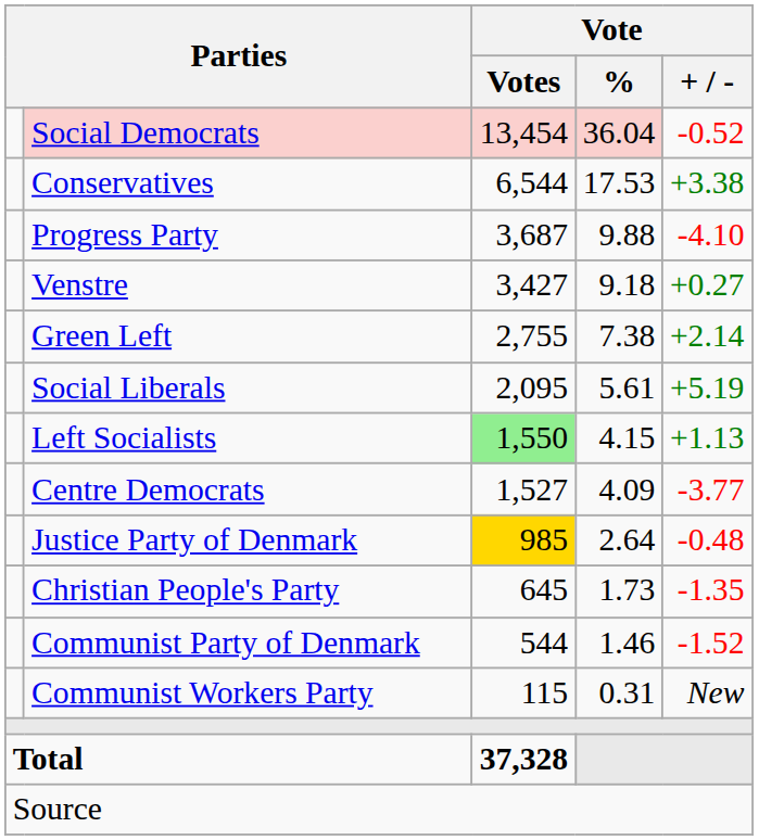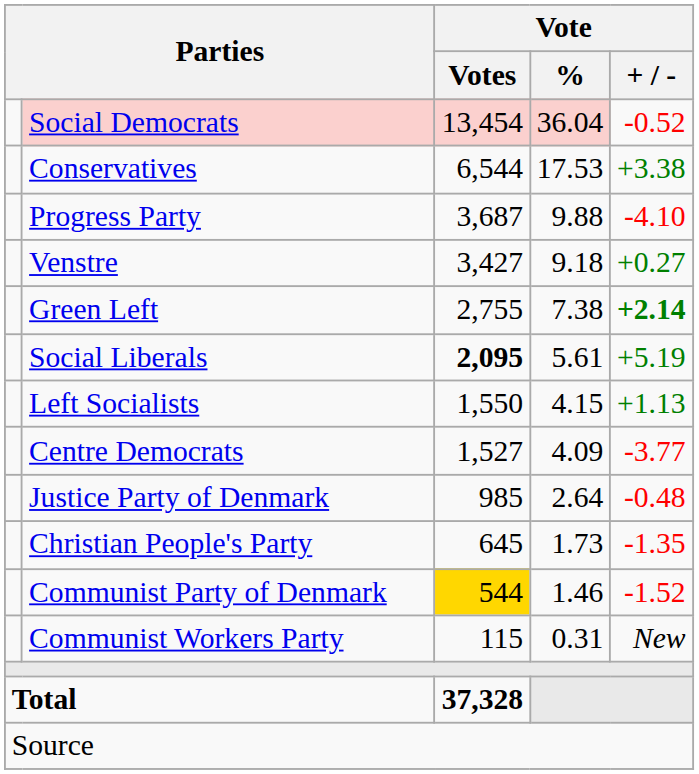 <table class="wikitable" style="text-align:right;">
 <tr>
 <th style="text-align:centre;" rowspan="2" colspan="2" width="225">Parties</th>
 <th colspan="3">Vote</th>
 </tr>
 <tr>
 <th width="15">Votes</th>
 <th width="15">%</th>
 <th width="15">+ / -</th>
 </tr>
 <tr>
 <td width="2" style="color:inherit;background:"></td>
 <td bgcolor=#fbd0ce  align="left"><a href='#'>Social Democrats</a></td>
 <td bgcolor=#fbd0ce>13,454</td>
 <td bgcolor=#fbd0ce>36.04</td>
 <td style=color:red;>-0.52</td>
 </tr>
 <tr>
 <td width="2" style="color:inherit;background:"></td>
 <td align="left"><a href='#'>Conservatives</a></td>
 <td>6,544</td>
 <td>17.53</td>
 <td style=color:green;>+3.38</td>
 </tr>
 <tr>
 <td width="2" style="color:inherit;background:"></td>
 <td align="left"><a href='#'>Progress Party</a></td>
 <td>3,687</td>
 <td>9.88</td>
 <td style=color:red;>-4.10</td>
 </tr>
 <tr>
 <td width="2" style="color:inherit;background:"></td>
 <td align="left"><a href='#'>Venstre</a></td>
 <td>3,427</td>
 <td>9.18</td>
 <td style=color:green;>+0.27</td>
 </tr>
 <tr>
 <td width="2" style="color:inherit;background:"></td>
 <td align="left"><a href='#'>Green Left</a></td>
 <td>2,755</td>
 <td>7.38</td>
-<td style=color:green;>+2.14</td>
+<td style=color:green;><strong>+2.14</strong></td>
 </tr>
 <tr>
 <td width="2" style="color:inherit;background:"></td>
 <td align="left"><a href='#'>Social Liberals</a></td>
-<td>2,095</td>
+<td><strong>2,095</strong></td>
 <td>5.61</td>
 <td style=color:green;>+5.19</td>
 </tr>
 <tr>
 <td width="2" style="color:inherit;background:"></td>
 <td align="left"><a href='#'>Left Socialists</a></td>
-<td style="background: lightgreen;">1,550</td>
+<td>1,550</td>
 <td>4.15</td>
 <td style=color:green;>+1.13</td>
 </tr>
 <tr>
 <td width="2" style="color:inherit;background:"></td>
 <td align="left"><a href='#'>Centre Democrats</a></td>
 <td>1,527</td>
 <td>4.09</td>
 <td style=color:red;>-3.77</td>
 </tr>
 <tr>
 <td width="2" style="color:inherit;background:"></td>
 <td align="left"><a href='#'>Justice Party of Denmark</a></td>
-<td style="background: gold;">985</td>
+<td>985</td>
 <td>2.64</td>
 <td style=color:red;>-0.48</td>
 </tr>
 <tr>
 <td width="2" style="color:inherit;background:"></td>
 <td align="left"><a href='#'>Christian People's Party</a></td>
 <td>645</td>
 <td>1.73</td>
 <td style=color:red;>-1.35</td>
 </tr>
 <tr>
 <td width="2" style="color:inherit;background:"></td>
 <td align="left"><a href='#'>Communist Party of Denmark</a></td>
-<td>544</td>
+<td style="background: gold;">544</td>
 <td>1.46</td>
 <td style=color:red;>-1.52</td>
 </tr>
 <tr>
 <td width="2" style="color:inherit;background:"></td>
 <td align="left"><a href='#'>Communist Workers Party</a></td>
 <td>115</td>
 <td>0.31</td>
 <td><em>New</em></td>
 </tr>
 <tr>
 <td colspan="7" bgcolor="#E9E9E9"></td>
 </tr>
 <tr>
 <td align="left" colspan="2"><strong>Total</strong></td>
 <td><strong>37,328</strong></td>
 <td bgcolor="#E9E9E9" colspan="2"></td>
 </tr>
 <tr>
 <td align="left" colspan="6">Source</td>
 </tr>
 </table>
